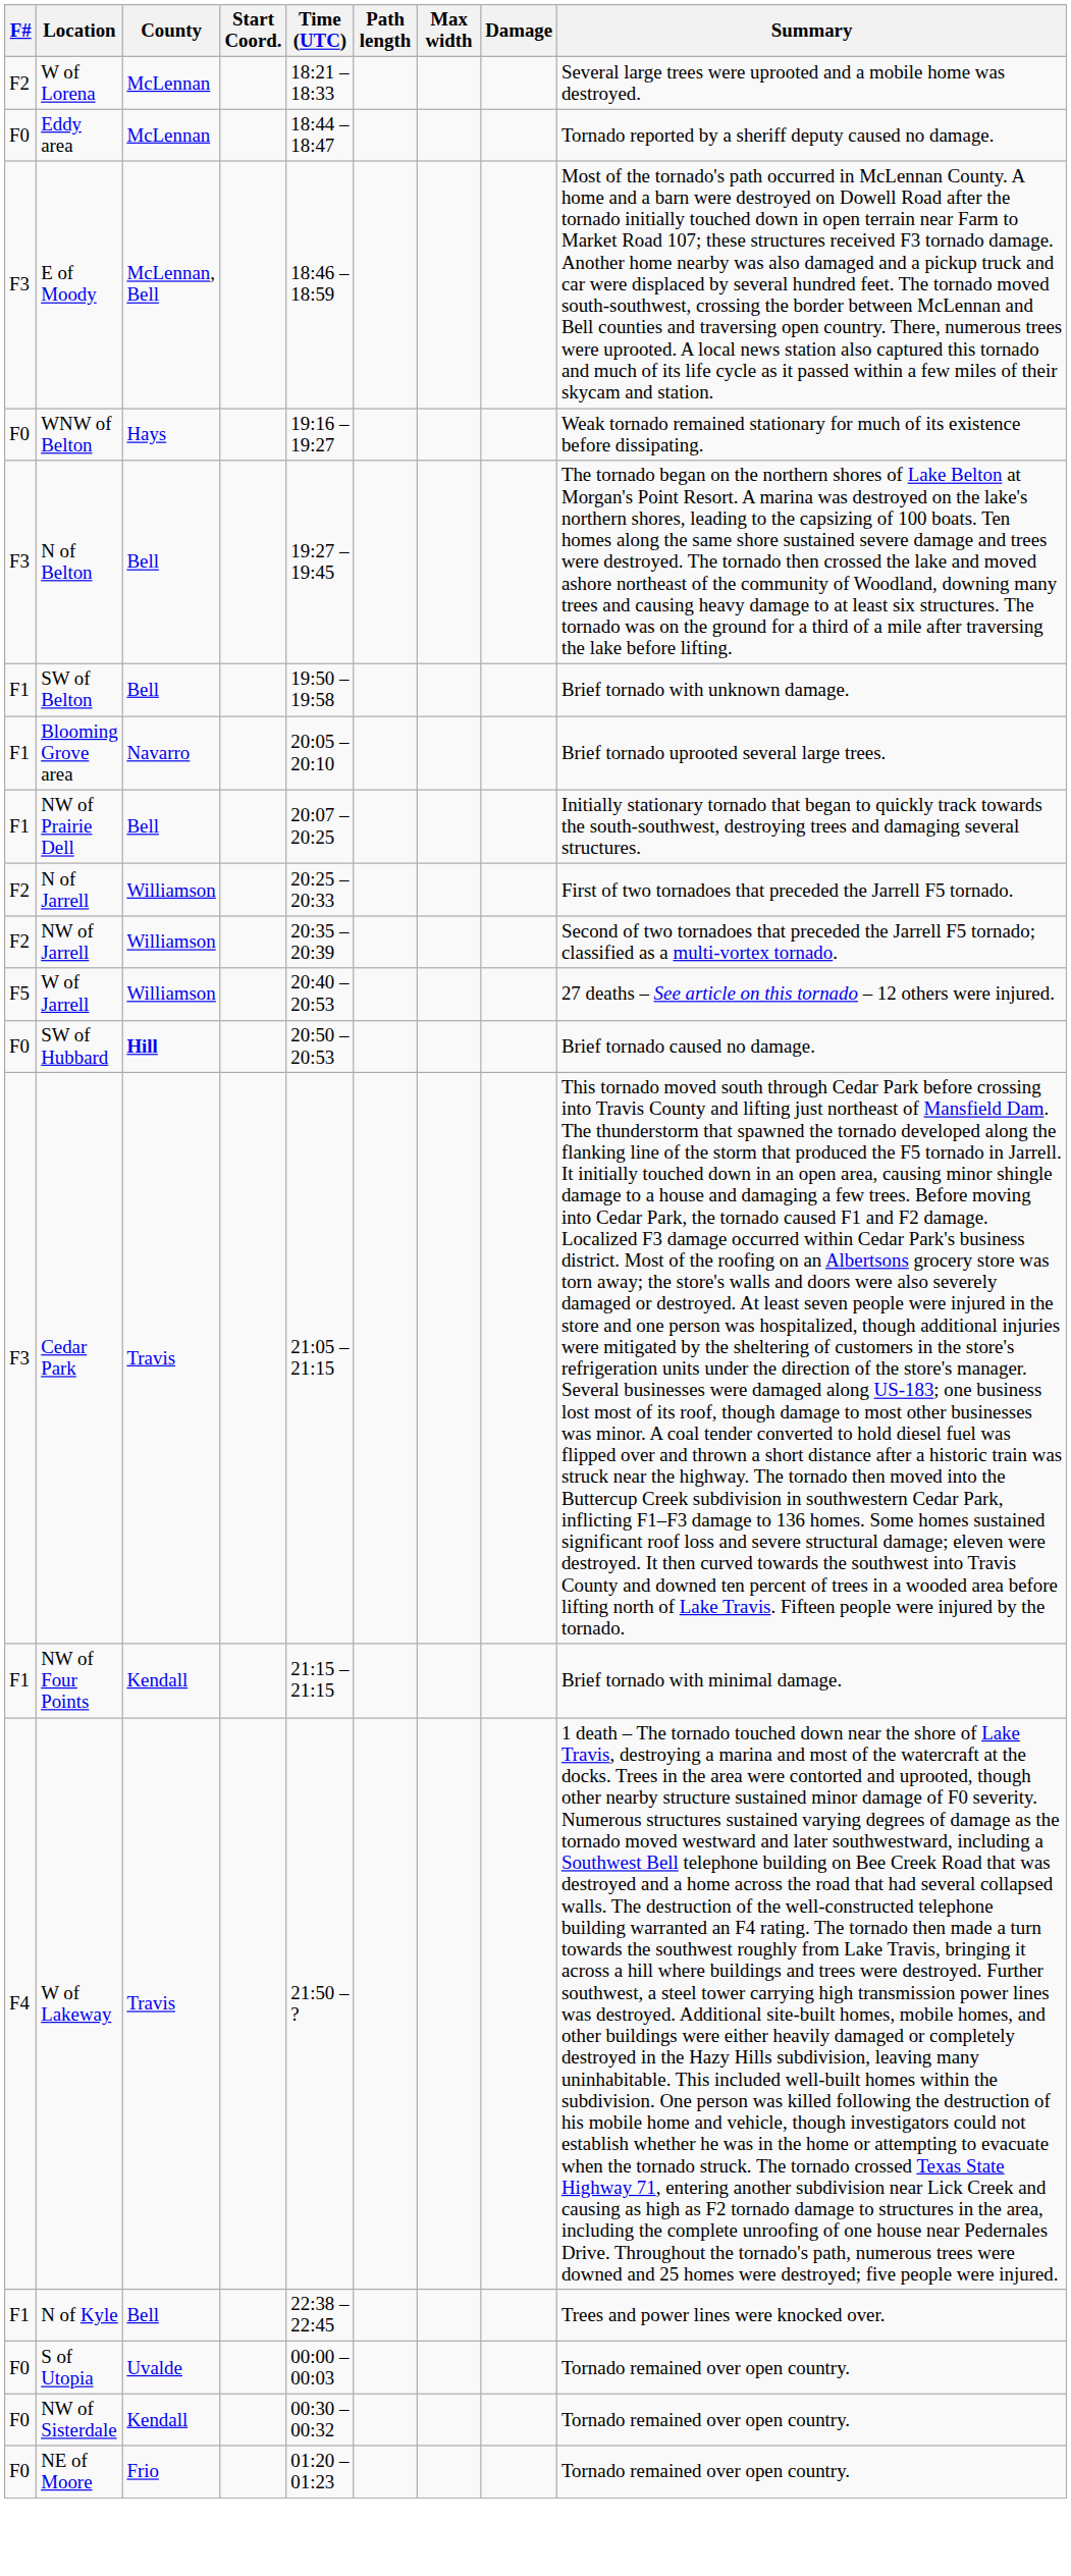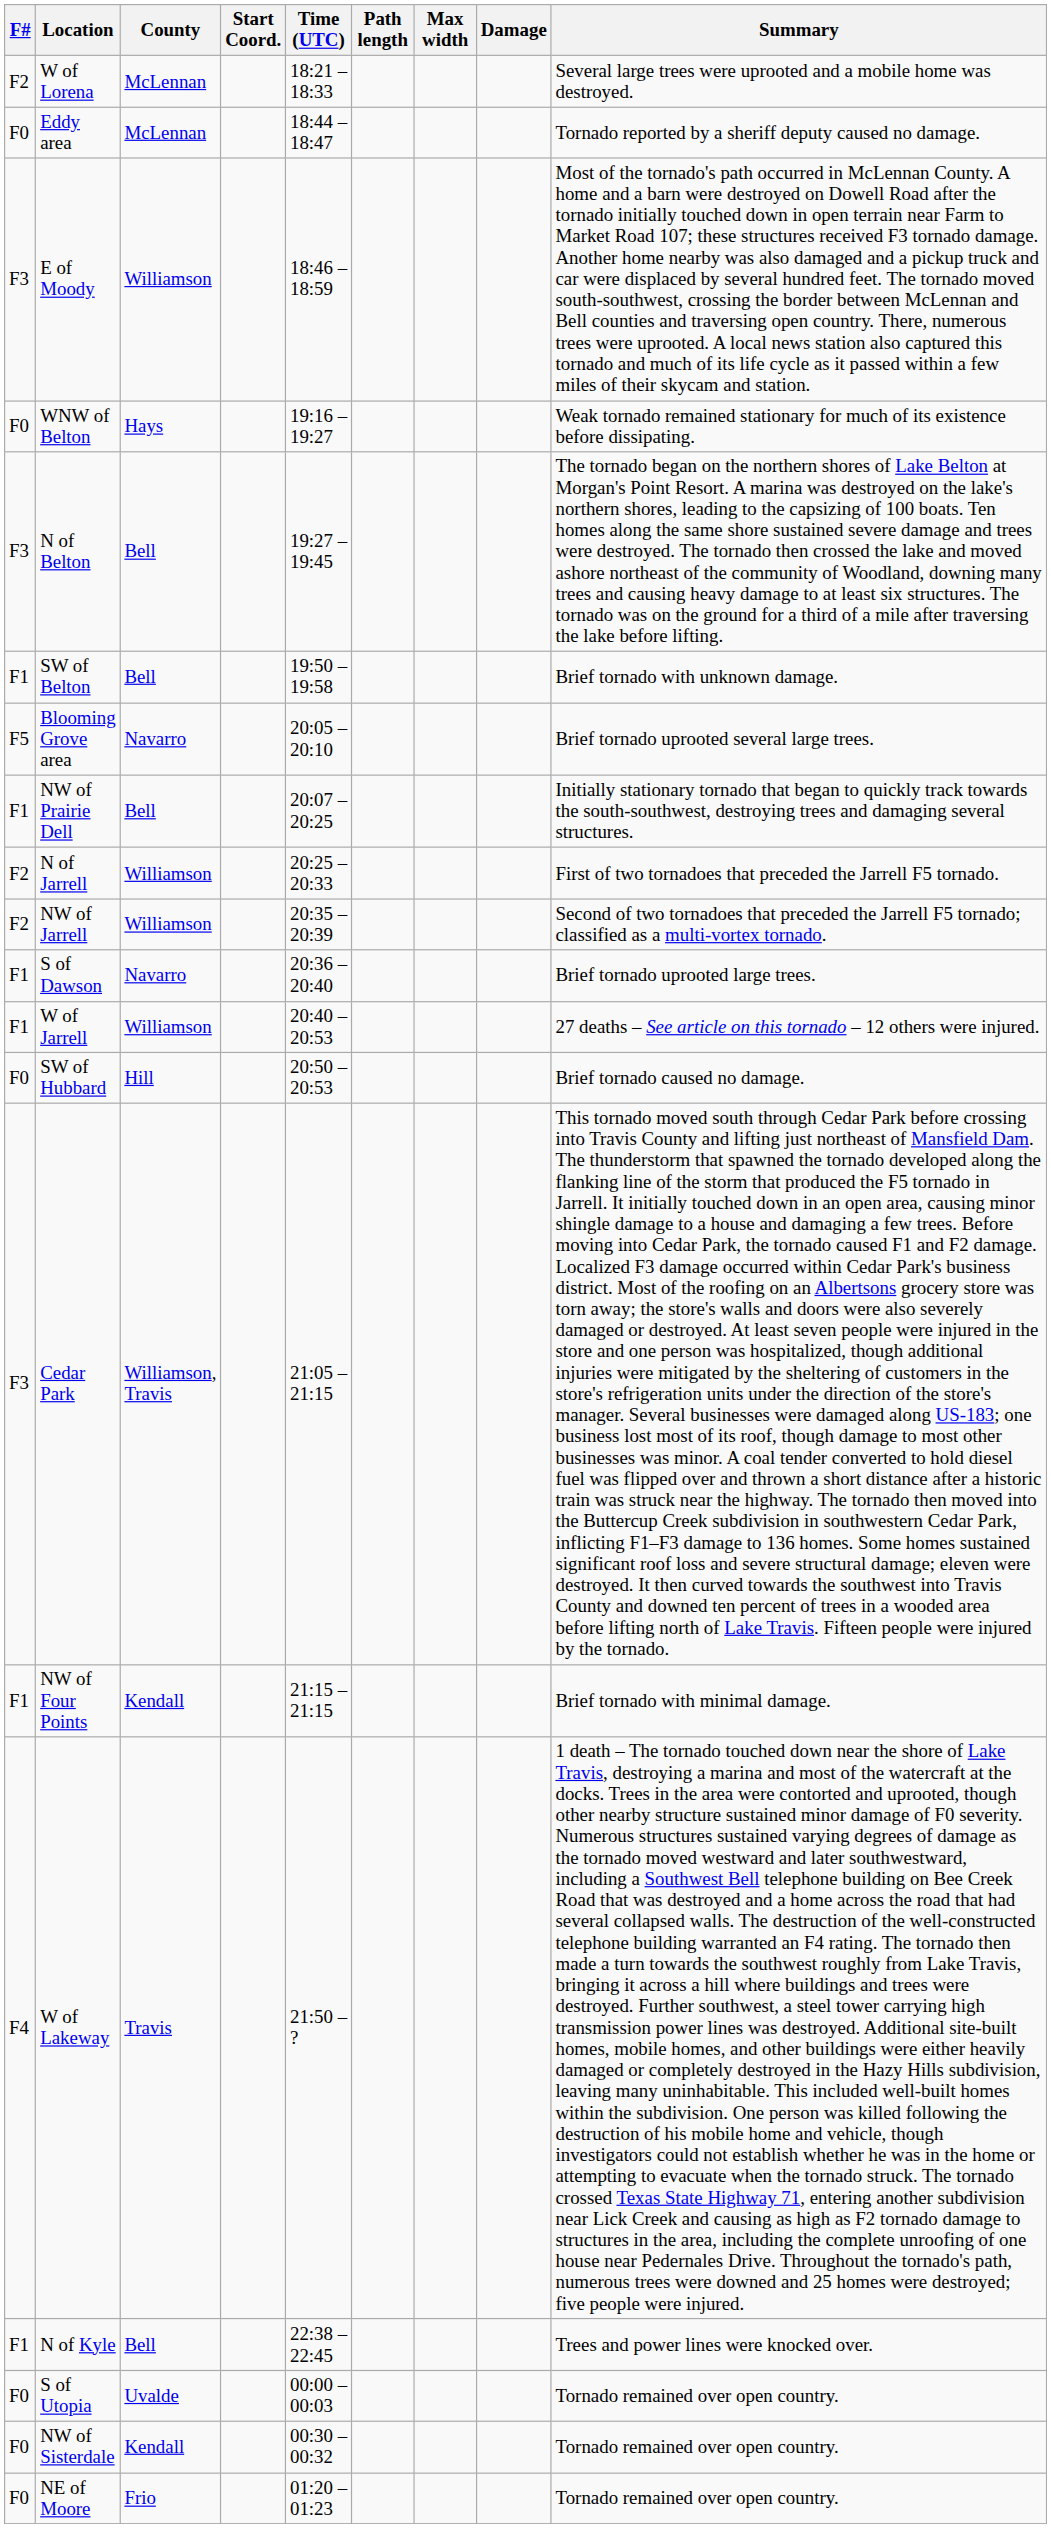 <table class="wikitable collapsible sortable" style="width:100%;">
 <tr>
 <th scope="col" width="3%" align="center"><a href='#'>F#</a></th>
 <th scope="col" width="7%" align="center" class="unsortable">Location</th>
 <th scope="col" width="6%" align="center" class="unsortable">County</th>
 <th scope="col" width="6%" align="center">Start Coord.</th>
 <th scope="col" width="6%" align="center">Time (<a href='#'>UTC</a>)</th>
 <th scope="col" width="6%" align="center">Path length</th>
 <th scope="col" width="6%" align="center">Max width</th>
 <th scope="col" width="6%" align="center">Damage</th>
 <th scope="col" width="48%" class="unsortable" align="center">Summary</th>
 </tr>
 <tr>
 <td>F2</td>
 <td>W of <a href='#'>Lorena</a></td>
 <td><a href='#'>McLennan</a></td>
 <td></td>
 <td>18:21 – 18:33</td>
 <td></td>
 <td></td>
 <td></td>
 <td>Several large trees were uprooted and a mobile home was destroyed.</td>
 </tr>
 <tr>
 <td>F0</td>
 <td><a href='#'>Eddy</a> area</td>
 <td><a href='#'>McLennan</a></td>
 <td></td>
 <td>18:44 – 18:47</td>
 <td></td>
 <td></td>
 <td></td>
 <td>Tornado reported by a sheriff deputy caused no damage.</td>
 </tr>
 <tr>
 <td>F3</td>
 <td>E of <a href='#'>Moody</a></td>
-<td><a href='#'>McLennan</a>, <a href='#'>Bell</a></td>
+<td><a href='#'>Williamson</a></td>
 <td></td>
 <td>18:46 – 18:59</td>
 <td></td>
 <td></td>
 <td></td>
 <td>Most of the tornado's path occurred in McLennan County. A home and a barn were destroyed on Dowell Road after the tornado initially touched down in open terrain near Farm to Market Road 107; these structures received F3 tornado damage. Another home nearby was also damaged and a pickup truck and car were displaced by several hundred feet. The tornado moved south-southwest, crossing the border between McLennan and Bell counties and traversing open country. There, numerous trees were uprooted. A local news station also captured this tornado and much of its life cycle as it passed within a few miles of their skycam and station.</td>
 </tr>
 <tr>
 <td>F0</td>
 <td>WNW of <a href='#'>Belton</a></td>
 <td><a href='#'>Hays</a></td>
 <td></td>
 <td>19:16 – 19:27</td>
 <td></td>
 <td></td>
 <td></td>
 <td>Weak tornado remained stationary for much of its existence before dissipating.</td>
 </tr>
 <tr>
 <td>F3</td>
 <td>N of <a href='#'>Belton</a></td>
 <td><a href='#'>Bell</a></td>
 <td></td>
 <td>19:27 – 19:45</td>
 <td></td>
 <td></td>
 <td></td>
 <td>The tornado began on the northern shores of <a href='#'>Lake Belton</a> at Morgan's Point Resort. A marina was destroyed on the lake's northern shores, leading to the capsizing of 100 boats. Ten homes along the same shore sustained severe damage and trees were destroyed. The tornado then crossed the lake and moved ashore northeast of the community of Woodland, downing many trees and causing heavy damage to at least six structures. The tornado was on the ground for a third of a mile after traversing the lake before lifting.</td>
 </tr>
 <tr>
 <td>F1</td>
 <td>SW of <a href='#'>Belton</a></td>
 <td><a href='#'>Bell</a></td>
 <td></td>
 <td>19:50 – 19:58</td>
 <td></td>
 <td></td>
 <td></td>
 <td>Brief tornado with unknown damage.</td>
 </tr>
 <tr>
-<td>F1</td>
+<td>F5</td>
 <td><a href='#'>Blooming Grove</a> area</td>
 <td><a href='#'>Navarro</a></td>
 <td></td>
 <td>20:05 – 20:10</td>
 <td></td>
 <td></td>
 <td></td>
 <td>Brief tornado uprooted several large trees.</td>
 </tr>
 <tr>
 <td>F1</td>
 <td>NW of <a href='#'>Prairie Dell</a></td>
 <td><a href='#'>Bell</a></td>
 <td></td>
 <td>20:07 – 20:25</td>
 <td></td>
 <td></td>
 <td></td>
 <td>Initially stationary tornado that began to quickly track towards the south-southwest, destroying trees and damaging several structures.</td>
 </tr>
 <tr>
 <td>F2</td>
 <td>N of <a href='#'>Jarrell</a></td>
 <td><a href='#'>Williamson</a></td>
 <td></td>
 <td>20:25 – 20:33</td>
 <td></td>
 <td></td>
 <td></td>
 <td>First of two tornadoes that preceded the Jarrell F5 tornado.</td>
 </tr>
 <tr>
 <td>F2</td>
 <td>NW of <a href='#'>Jarrell</a></td>
 <td><a href='#'>Williamson</a></td>
 <td></td>
 <td>20:35 – 20:39</td>
 <td></td>
 <td></td>
 <td></td>
 <td>Second of two tornadoes that preceded the Jarrell F5 tornado; classified as a <a href='#'>multi-vortex tornado</a>.</td>
 </tr>
 <tr>
-<td>F5</td>
+<td>F1</td>
+<td>S of <a href='#'>Dawson</a></td>
+<td><a href='#'>Navarro</a></td>
+<td></td>
+<td>20:36 – 20:40</td>
+<td></td>
+<td></td>
+<td></td>
+<td>Brief tornado uprooted large trees.</td>
+</tr>
+<tr>
+<td>F1</td>
 <td>W of <a href='#'>Jarrell</a></td>
 <td><a href='#'>Williamson</a></td>
 <td></td>
 <td>20:40 – 20:53</td>
 <td></td>
 <td></td>
 <td></td>
 <td>27 deaths – <em><a href='#'>See article on this tornado</a></em> – 12 others were injured.</td>
 </tr>
 <tr>
 <td>F0</td>
 <td>SW of <a href='#'>Hubbard</a></td>
-<td><strong><a href='#'>Hill</a></strong></td>
+<td><a href='#'>Hill</a></td>
 <td></td>
 <td>20:50 – 20:53</td>
 <td></td>
 <td></td>
 <td></td>
 <td>Brief tornado caused no damage.</td>
 </tr>
 <tr>
 <td>F3</td>
 <td><a href='#'>Cedar Park</a></td>
-<td><a href='#'>Travis</a></td>
+<td><a href='#'>Williamson</a>, <a href='#'>Travis</a></td>
 <td></td>
 <td>21:05 – 21:15</td>
 <td></td>
 <td></td>
 <td></td>
 <td>This tornado moved south through Cedar Park before crossing into Travis County and lifting just northeast of <a href='#'>Mansfield Dam</a>. The thunderstorm that spawned the tornado developed along the flanking line of the storm that produced the F5 tornado in Jarrell. It initially touched down in an open area, causing minor shingle damage to a house and damaging a few trees. Before moving into Cedar Park, the tornado caused F1 and F2 damage. Localized F3 damage occurred within Cedar Park's business district. Most of the roofing on an <a href='#'>Albertsons</a> grocery store was torn away; the store's walls and doors were also severely damaged or destroyed. At least seven people were injured in the store and one person was hospitalized, though additional injuries were mitigated by the sheltering of customers in the store's refrigeration units under the direction of the store's manager. Several businesses were damaged along <a href='#'>US-183</a>; one business lost most of its roof, though damage to most other businesses was minor. A  coal tender converted to hold diesel fuel was flipped over and thrown a short distance after a historic train was struck near the highway. The tornado then moved into the Buttercup Creek subdivision in southwestern Cedar Park, inflicting F1–F3 damage to 136 homes. Some homes sustained significant roof loss and severe structural damage; eleven were destroyed. It then curved towards the southwest into Travis County and downed ten percent of trees in a wooded area before lifting  north of <a href='#'>Lake Travis</a>. Fifteen people were injured by the tornado.</td>
 </tr>
 <tr>
 <td>F1</td>
 <td>NW of <a href='#'>Four Points</a></td>
 <td><a href='#'>Kendall</a></td>
 <td></td>
 <td>21:15 – 21:15</td>
 <td></td>
 <td></td>
 <td></td>
 <td>Brief tornado with minimal damage.</td>
 </tr>
 <tr>
 <td>F4</td>
 <td>W of <a href='#'>Lakeway</a></td>
 <td><a href='#'>Travis</a></td>
 <td></td>
 <td>21:50 – ?</td>
 <td></td>
 <td></td>
 <td></td>
 <td>1 death – The tornado touched down near the shore of <a href='#'>Lake Travis</a>, destroying a marina and most of the watercraft at the docks. Trees in the area were contorted and uprooted, though other nearby structure sustained minor damage of F0 severity. Numerous structures sustained varying degrees of damage as the tornado moved westward and later southwestward, including a <a href='#'>Southwest Bell</a> telephone building on Bee Creek Road that was destroyed and a home across the road that had several collapsed walls. The destruction of the well-constructed telephone building warranted an F4 rating. The tornado then made a turn towards the southwest roughly  from Lake Travis, bringing it across a hill where buildings and trees were destroyed. Further southwest, a steel tower carrying high transmission power lines was destroyed. Additional site-built homes, mobile homes, and other buildings were either heavily damaged or completely destroyed in the Hazy Hills subdivision, leaving many uninhabitable. This included well-built homes within the subdivision. One person was killed following the destruction of his mobile home and vehicle, though investigators could not establish whether he was in the home or attempting to evacuate when the tornado struck. The tornado crossed <a href='#'>Texas State Highway 71</a>, entering another subdivision near Lick Creek and causing as high as F2 tornado damage to structures in the area, including the complete unroofing of one house near Pedernales Drive. Throughout the tornado's path, numerous trees were downed and 25 homes were destroyed; five people were injured.</td>
 </tr>
 <tr>
 <td>F1</td>
 <td>N of <a href='#'>Kyle</a></td>
 <td><a href='#'>Bell</a></td>
 <td></td>
 <td>22:38 – 22:45</td>
 <td></td>
 <td></td>
 <td></td>
 <td>Trees and power lines were knocked over.</td>
 </tr>
 <tr>
 <td>F0</td>
 <td>S of <a href='#'>Utopia</a></td>
 <td><a href='#'>Uvalde</a></td>
 <td></td>
 <td>00:00 – 00:03</td>
 <td></td>
 <td></td>
 <td></td>
 <td>Tornado remained over open country.</td>
 </tr>
 <tr>
 <td>F0</td>
 <td>NW of <a href='#'>Sisterdale</a></td>
 <td><a href='#'>Kendall</a></td>
 <td></td>
 <td>00:30 – 00:32</td>
 <td></td>
 <td></td>
 <td></td>
 <td>Tornado remained over open country.</td>
 </tr>
 <tr>
 <td>F0</td>
 <td>NE of <a href='#'>Moore</a></td>
 <td><a href='#'>Frio</a></td>
 <td></td>
 <td>01:20 – 01:23</td>
 <td></td>
 <td></td>
 <td></td>
 <td>Tornado remained over open country.</td>
 </tr>
 <tr>
 </tr>
 </table>
